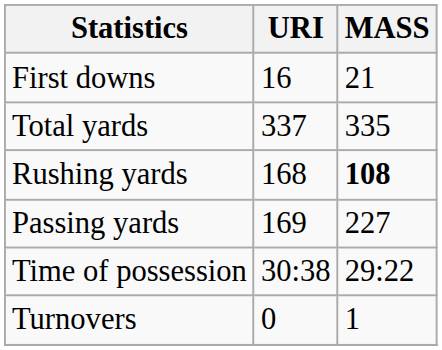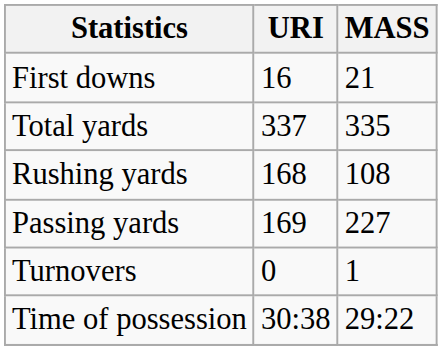 <table class="wikitable">
 <tr>
 <th>Statistics</th>
 <th>URI</th>
 <th>MASS</th>
 </tr>
 <tr>
 <td>First downs</td>
 <td>16</td>
 <td>21</td>
 </tr>
 <tr>
 <td>Total yards</td>
 <td>337</td>
 <td>335</td>
 </tr>
 <tr>
 <td>Rushing yards</td>
 <td>168</td>
-<td><strong>108</strong></td>
+<td>108</td>
 </tr>
 <tr>
 <td>Passing yards</td>
 <td>169</td>
 <td>227</td>
 </tr>
 <tr>
+<td>Turnovers</td>
+<td>0</td>
+<td>1</td>
+</tr>
+<tr>
 <td>Time of possession</td>
 <td>30:38</td>
 <td>29:22</td>
 </tr>
 <tr>
-<td>Turnovers</td>
-<td>0</td>
-<td>1</td>
-</tr>
-<tr>
 </tr>
 </table>
